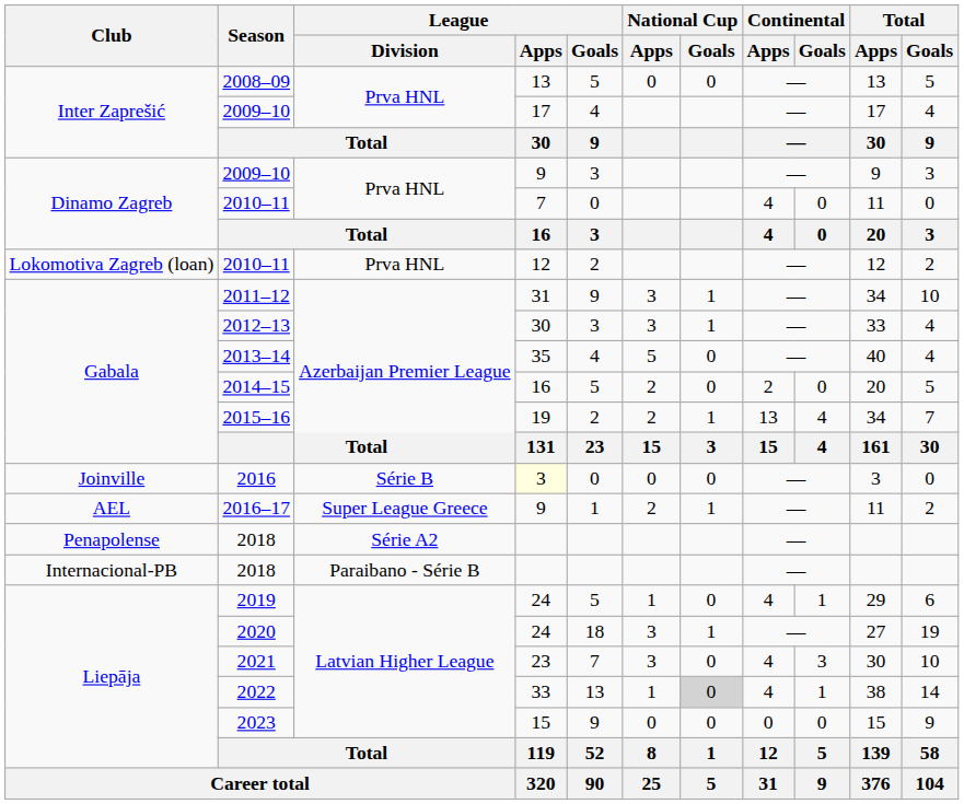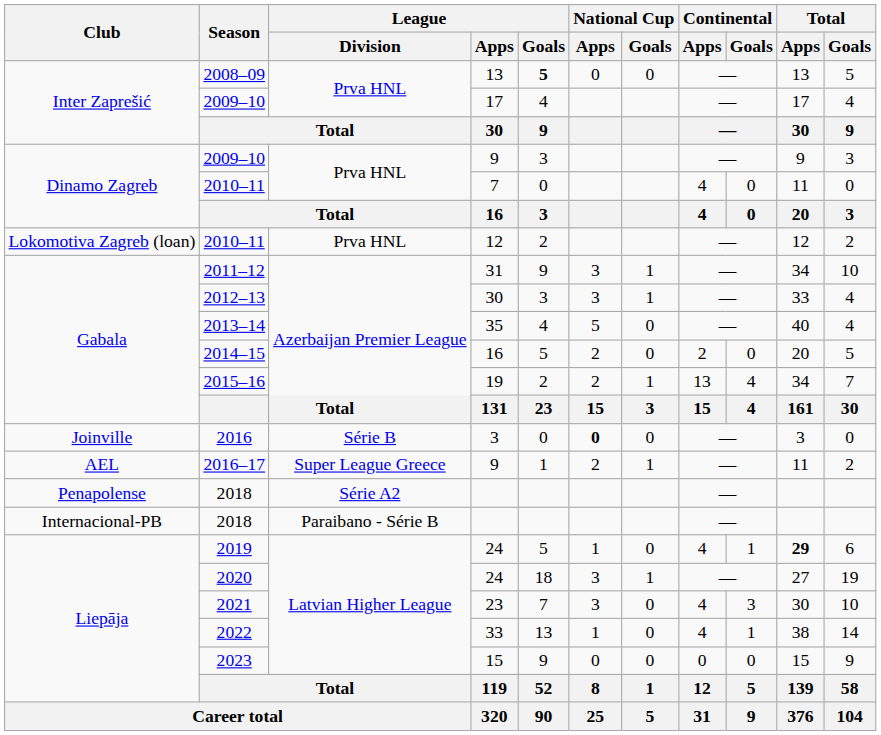 <table class="wikitable" style="text-align:center">
 <tr>
 <th rowspan="2">Club</th>
 <th rowspan="2">Season</th>
 <th colspan="3">League</th>
 <th colspan="2">National Cup</th>
 <th colspan="2">Continental</th>
 <th colspan="2">Total</th>
 </tr>
 <tr>
 <th>Division</th>
 <th>Apps</th>
 <th>Goals</th>
 <th>Apps</th>
 <th>Goals</th>
 <th>Apps</th>
 <th>Goals</th>
 <th>Apps</th>
 <th>Goals</th>
 </tr>
 <tr>
 <td rowspan="3"><a href='#'>Inter Zaprešić</a></td>
 <td><a href='#'>2008–09</a></td>
 <td rowspan="2"><a href='#'>Prva HNL</a></td>
 <td>13</td>
-<td>5</td>
+<td><strong>5</strong></td>
 <td>0</td>
 <td>0</td>
 <td colspan="2">—</td>
 <td>13</td>
 <td>5</td>
 </tr>
 <tr>
 <td><a href='#'>2009–10</a></td>
 <td>17</td>
 <td>4</td>
 <td></td>
 <td></td>
 <td colspan="2">—</td>
 <td>17</td>
 <td>4</td>
 </tr>
 <tr>
 <th colspan="2">Total</th>
 <th>30</th>
 <th>9</th>
 <th></th>
 <th></th>
 <th colspan="2">—</th>
 <th>30</th>
 <th>9</th>
 </tr>
 <tr>
 <td rowspan="3"><a href='#'>Dinamo Zagreb</a></td>
 <td><a href='#'>2009–10</a></td>
 <td rowspan="2">Prva HNL</td>
 <td>9</td>
 <td>3</td>
 <td></td>
 <td></td>
 <td colspan="2">—</td>
 <td>9</td>
 <td>3</td>
 </tr>
 <tr>
 <td><a href='#'>2010–11</a></td>
 <td>7</td>
 <td>0</td>
 <td></td>
 <td></td>
 <td>4</td>
 <td>0</td>
 <td>11</td>
 <td>0</td>
 </tr>
 <tr>
 <th colspan="2">Total</th>
 <th>16</th>
 <th>3</th>
 <th></th>
 <th></th>
 <th>4</th>
 <th>0</th>
 <th>20</th>
 <th>3</th>
 </tr>
 <tr>
 <td><a href='#'>Lokomotiva Zagreb</a> (loan)</td>
 <td><a href='#'>2010–11</a></td>
 <td>Prva HNL</td>
 <td>12</td>
 <td>2</td>
 <td></td>
 <td></td>
 <td colspan="2">—</td>
 <td>12</td>
 <td>2</td>
 </tr>
 <tr>
 <td rowspan="6"><a href='#'>Gabala</a></td>
 <td><a href='#'>2011–12</a></td>
 <td rowspan="6"><a href='#'>Azerbaijan Premier League</a></td>
 <td>31</td>
 <td>9</td>
 <td>3</td>
 <td>1</td>
 <td colspan="2">—</td>
 <td>34</td>
 <td>10</td>
 </tr>
 <tr>
 <td><a href='#'>2012–13</a></td>
 <td>30</td>
 <td>3</td>
 <td>3</td>
 <td>1</td>
 <td colspan="2">—</td>
 <td>33</td>
 <td>4</td>
 </tr>
 <tr>
 <td><a href='#'>2013–14</a></td>
 <td>35</td>
 <td>4</td>
 <td>5</td>
 <td>0</td>
 <td colspan="2">—</td>
 <td>40</td>
 <td>4</td>
 </tr>
 <tr>
 <td><a href='#'>2014–15</a></td>
 <td>16</td>
 <td>5</td>
 <td>2</td>
 <td>0</td>
 <td>2</td>
 <td>0</td>
 <td>20</td>
 <td>5</td>
 </tr>
 <tr>
 <td><a href='#'>2015–16</a></td>
 <td>19</td>
 <td>2</td>
 <td>2</td>
 <td>1</td>
 <td>13</td>
 <td>4</td>
 <td>34</td>
 <td>7</td>
 </tr>
 <tr>
 <th colspan="2">Total</th>
 <th>131</th>
 <th>23</th>
 <th>15</th>
 <th>3</th>
 <th>15</th>
 <th>4</th>
 <th>161</th>
 <th>30</th>
 </tr>
 <tr>
 <td><a href='#'>Joinville</a></td>
 <td><a href='#'>2016</a></td>
 <td><a href='#'>Série B</a></td>
-<td style="background: lightyellow;">3</td>
+<td>3</td>
 <td>0</td>
-<td>0</td>
+<td><strong>0</strong></td>
 <td>0</td>
 <td colspan="2">—</td>
 <td>3</td>
 <td>0</td>
 </tr>
 <tr>
 <td><a href='#'>AEL</a></td>
 <td><a href='#'>2016–17</a></td>
 <td><a href='#'>Super League Greece</a></td>
 <td>9</td>
 <td>1</td>
 <td>2</td>
 <td>1</td>
 <td colspan="2">—</td>
 <td>11</td>
 <td>2</td>
 </tr>
 <tr>
 <td><a href='#'>Penapolense</a></td>
 <td>2018</td>
 <td><a href='#'>Série A2</a></td>
 <td></td>
 <td></td>
 <td></td>
 <td></td>
 <td colspan="2">—</td>
 <td></td>
 <td></td>
 </tr>
 <tr>
 <td>Internacional-PB</td>
 <td>2018</td>
 <td>Paraibano - Série B</td>
 <td></td>
 <td></td>
 <td></td>
 <td></td>
 <td colspan="2">—</td>
 <td></td>
 <td></td>
 </tr>
 <tr>
 <td rowspan="6"><a href='#'>Liepāja</a></td>
 <td><a href='#'>2019</a></td>
 <td rowspan="5"><a href='#'>Latvian Higher League</a></td>
 <td>24</td>
 <td>5</td>
 <td>1</td>
 <td>0</td>
 <td>4</td>
 <td>1</td>
-<td>29</td>
+<td><strong>29</strong></td>
 <td>6</td>
 </tr>
 <tr>
 <td><a href='#'>2020</a></td>
 <td>24</td>
 <td>18</td>
 <td>3</td>
 <td>1</td>
 <td colspan="2">—</td>
 <td>27</td>
 <td>19</td>
 </tr>
 <tr>
 <td><a href='#'>2021</a></td>
 <td>23</td>
 <td>7</td>
 <td>3</td>
 <td>0</td>
 <td>4</td>
 <td>3</td>
 <td>30</td>
 <td>10</td>
 </tr>
 <tr>
 <td><a href='#'>2022</a></td>
 <td>33</td>
 <td>13</td>
 <td>1</td>
-<td style="background: lightgrey;">0</td>
+<td>0</td>
 <td>4</td>
 <td>1</td>
 <td>38</td>
 <td>14</td>
 </tr>
 <tr>
 <td><a href='#'>2023</a></td>
 <td>15</td>
 <td>9</td>
 <td>0</td>
 <td>0</td>
 <td>0</td>
 <td>0</td>
 <td>15</td>
 <td>9</td>
 </tr>
 <tr>
 <th colspan="2">Total</th>
 <th>119</th>
 <th>52</th>
 <th>8</th>
 <th>1</th>
 <th>12</th>
 <th>5</th>
 <th>139</th>
 <th>58</th>
 </tr>
 <tr>
 <th colspan="3">Career total</th>
 <th>320</th>
 <th>90</th>
 <th>25</th>
 <th>5</th>
 <th>31</th>
 <th>9</th>
 <th>376</th>
 <th>104</th>
 </tr>
 </table>
